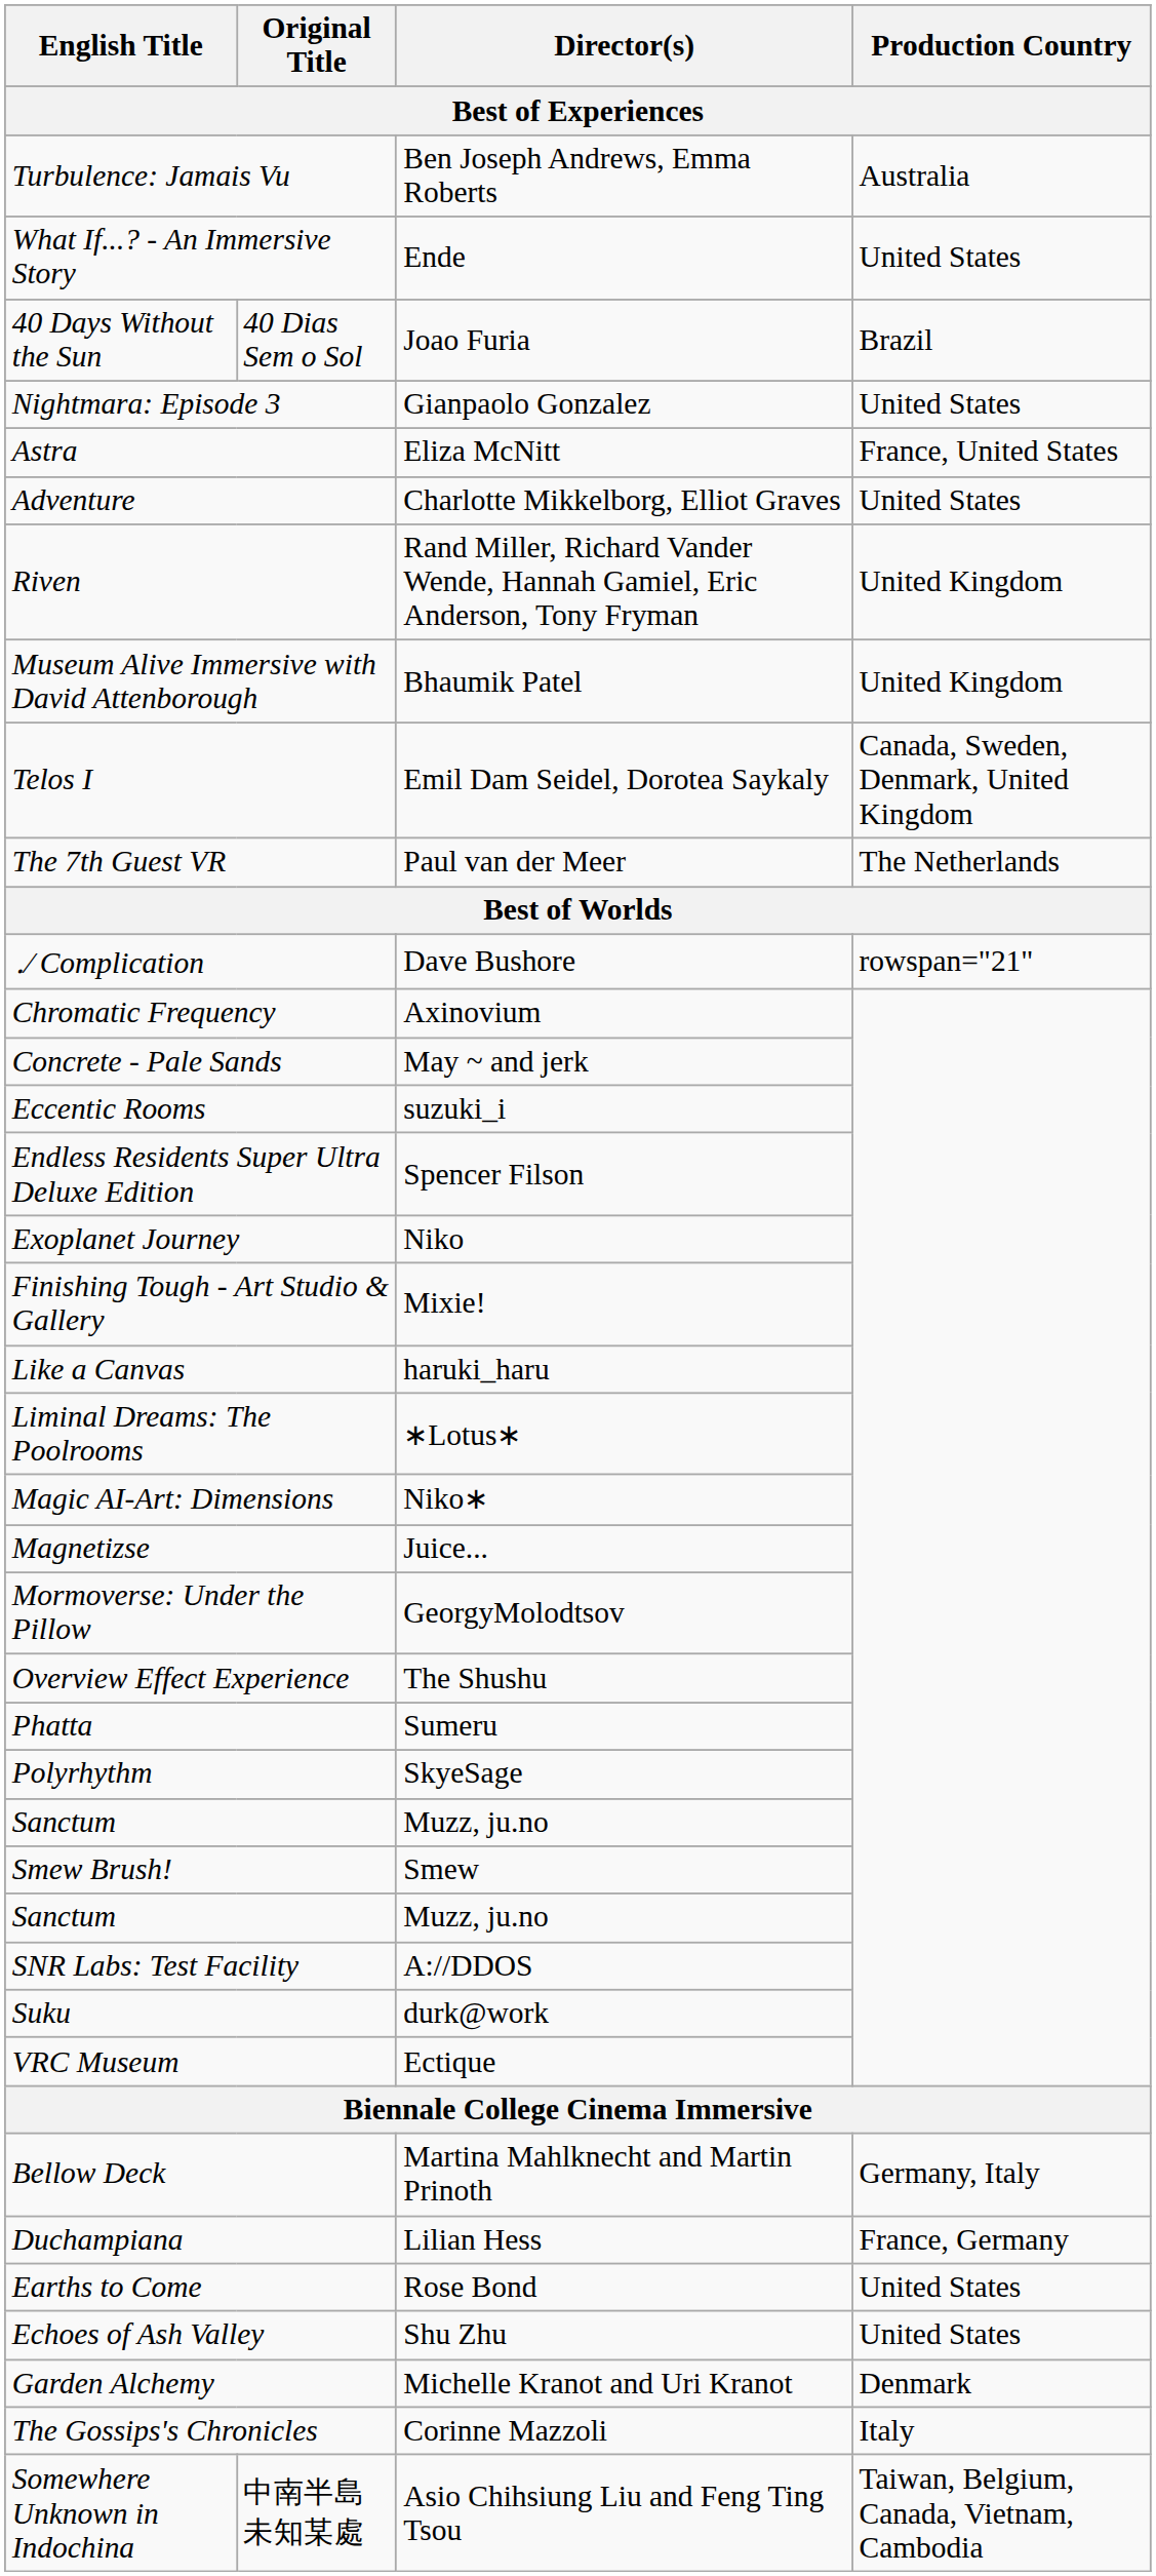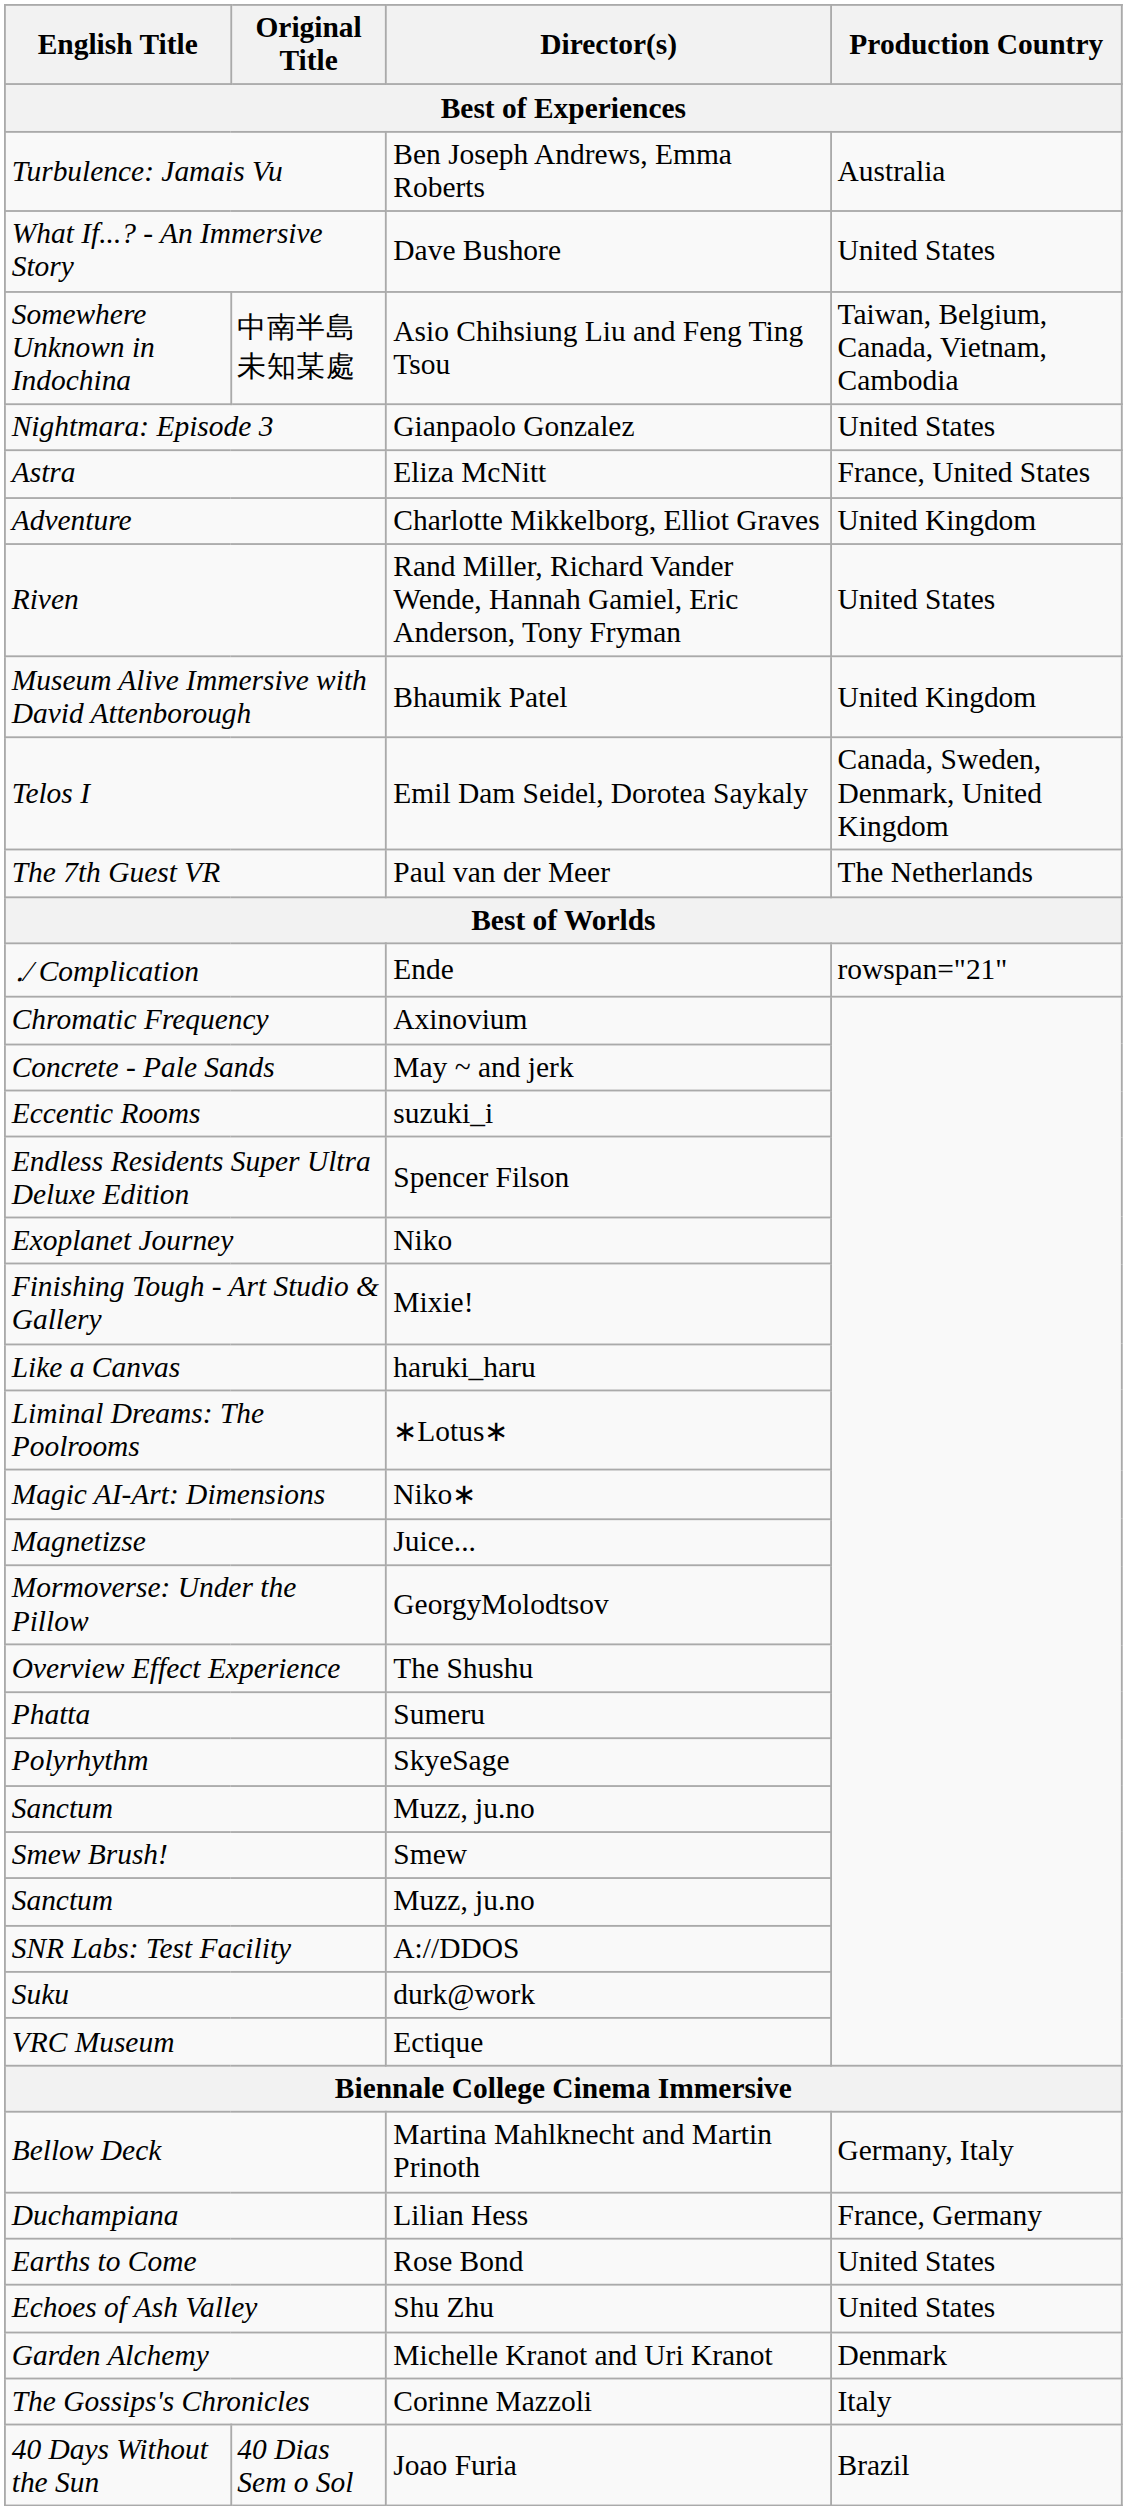 <table class="wikitable plainrowheaders">
 <tr>
 <th scope="col">English Title</th>
 <th scope="col">Original Title</th>
 <th scope="col">Director(s)</th>
 <th scope="col">Production Country</th>
 </tr>
 <tr>
 <th colspan="4">Best of Experiences</th>
 </tr>
 <tr>
 <td colspan="2"><em>Turbulence: Jamais Vu</em></td>
 <td>Ben Joseph Andrews, Emma Roberts</td>
 <td>Australia</td>
 </tr>
 <tr>
 <td colspan="2"><em>What If...? - An Immersive Story</em></td>
-<td>Ende</td>
+<td>Dave Bushore</td>
 <td>United States</td>
 </tr>
 <tr>
-<td><em>40 Days Without the Sun</em></td>
-<td><em>40 Dias Sem o Sol</em></td>
-<td>Joao Furia</td>
-<td>Brazil</td>
+<td><em>Somewhere Unknown in Indochina</em></td>
+<td>中南半島未知某處</td>
+<td>Asio Chihsiung Liu and Feng Ting Tsou</td>
+<td>Taiwan, Belgium, Canada, Vietnam, Cambodia</td>
 </tr>
 <tr>
 <td colspan="2"><em>Nightmara: Episode 3</em></td>
 <td>Gianpaolo Gonzalez</td>
 <td>United States</td>
 </tr>
 <tr>
 <td colspan="2"><em>Astra</em></td>
 <td>Eliza McNitt</td>
 <td>France, United States</td>
 </tr>
 <tr>
 <td colspan="2"><em>Adventure</em></td>
 <td>Charlotte Mikkelborg, Elliot Graves</td>
-<td>United States</td>
+<td>United Kingdom</td>
 </tr>
 <tr>
 <td colspan="2"><em>Riven</em></td>
 <td>Rand Miller, Richard Vander Wende, Hannah Gamiel, Eric Anderson, Tony Fryman</td>
-<td>United Kingdom</td>
+<td>United States</td>
 </tr>
 <tr>
 <td colspan="2"><em>Museum Alive Immersive with David Attenborough</em></td>
 <td>Bhaumik Patel</td>
 <td>United Kingdom</td>
 </tr>
 <tr>
 <td colspan="2"><em>Telos I</em></td>
 <td>Emil Dam Seidel, Dorotea Saykaly</td>
 <td>Canada, Sweden, Denmark, United Kingdom</td>
 </tr>
 <tr>
 <td colspan="2"><em>The 7th Guest VR</em></td>
 <td>Paul van der Meer</td>
 <td>The Netherlands</td>
 </tr>
 <tr>
 <th colspan="4">Best of Worlds</th>
 </tr>
 <tr>
 <td colspan="2"><em>․⁄ Complication</em></td>
-<td>Dave Bushore</td>
+<td>Ende</td>
 <td>rowspan="21" </td>
 </tr>
 <tr>
 <td colspan="2"><em>Chromatic Frequency</em></td>
 <td>Axinovium</td>
 </tr>
 <tr>
 <td colspan="2"><em>Concrete - Pale Sands</em></td>
 <td>May ~ and jerk</td>
 </tr>
 <tr>
 <td colspan="2"><em>Eccentic Rooms</em></td>
 <td>suzuki_i</td>
 </tr>
 <tr>
 <td colspan="2"><em>Endless Residents Super Ultra Deluxe Edition</em></td>
 <td>Spencer Filson</td>
 </tr>
 <tr>
 <td colspan="2"><em>Exoplanet Journey</em></td>
 <td>Niko</td>
 </tr>
 <tr>
 <td colspan="2"><em>Finishing Tough - Art Studio & Gallery</em></td>
 <td>Mixie!</td>
 </tr>
 <tr>
 <td colspan="2"><em>Like a Canvas</em></td>
 <td>haruki_haru</td>
 </tr>
 <tr>
 <td colspan="2"><em>Liminal Dreams: The Poolrooms</em></td>
 <td>∗Lotus∗</td>
 </tr>
 <tr>
 <td colspan="2"><em>Magic AI-Art: Dimensions</em></td>
 <td>Niko∗</td>
 </tr>
 <tr>
 <td colspan="2"><em>Magnetizse</em></td>
 <td>Juice...</td>
 </tr>
 <tr>
 <td colspan="2"><em>Mormoverse: Under the Pillow</em></td>
 <td>GeorgyMolodtsov</td>
 </tr>
 <tr>
 <td colspan="2"><em>Overview Effect Experience</em></td>
 <td>The Shushu</td>
 </tr>
 <tr>
 <td colspan="2"><em>Phatta</em></td>
 <td>Sumeru</td>
 </tr>
 <tr>
 <td colspan="2"><em>Polyrhythm</em></td>
 <td>SkyeSage</td>
 </tr>
 <tr>
 <td colspan="2"><em>Sanctum</em></td>
 <td>Muzz, ju.no</td>
 </tr>
 <tr>
 <td colspan="2"><em>Smew Brush!</em></td>
 <td>Smew</td>
 </tr>
 <tr>
 <td colspan="2"><em>Sanctum</em></td>
 <td>Muzz, ju.no</td>
 </tr>
 <tr>
 <td colspan="2"><em>SNR Labs: Test Facility</em></td>
 <td>A://DDOS</td>
 </tr>
 <tr>
 <td colspan="2"><em>Suku</em></td>
 <td>durk@work</td>
 </tr>
 <tr>
 <td colspan="2"><em>VRC Museum</em></td>
 <td>Ectique</td>
 </tr>
 <tr>
 <th colspan="4">Biennale College Cinema Immersive</th>
 </tr>
 <tr>
 <td colspan="2"><em>Bellow Deck</em></td>
 <td>Martina Mahlknecht and Martin Prinoth</td>
 <td>Germany, Italy</td>
 </tr>
 <tr>
 <td colspan="2"><em>Duchampiana</em></td>
 <td>Lilian Hess</td>
 <td>France, Germany</td>
 </tr>
 <tr>
 <td colspan="2"><em>Earths to Come</em></td>
 <td>Rose Bond</td>
 <td>United States</td>
 </tr>
 <tr>
 <td colspan="2"><em>Echoes of Ash Valley</em></td>
 <td>Shu Zhu</td>
 <td>United States</td>
 </tr>
 <tr>
 <td colspan="2"><em>Garden Alchemy</em></td>
 <td>Michelle Kranot and Uri Kranot</td>
 <td>Denmark</td>
 </tr>
 <tr>
 <td colspan="2"><em>The Gossips's Chronicles</em></td>
 <td>Corinne Mazzoli</td>
 <td>Italy</td>
 </tr>
 <tr>
-<td><em>Somewhere Unknown in Indochina</em></td>
-<td>中南半島未知某處</td>
-<td>Asio Chihsiung Liu and Feng Ting Tsou</td>
-<td>Taiwan, Belgium, Canada, Vietnam, Cambodia</td>
+<td><em>40 Days Without the Sun</em></td>
+<td><em>40 Dias Sem o Sol</em></td>
+<td>Joao Furia</td>
+<td>Brazil</td>
 </tr>
 </table>
